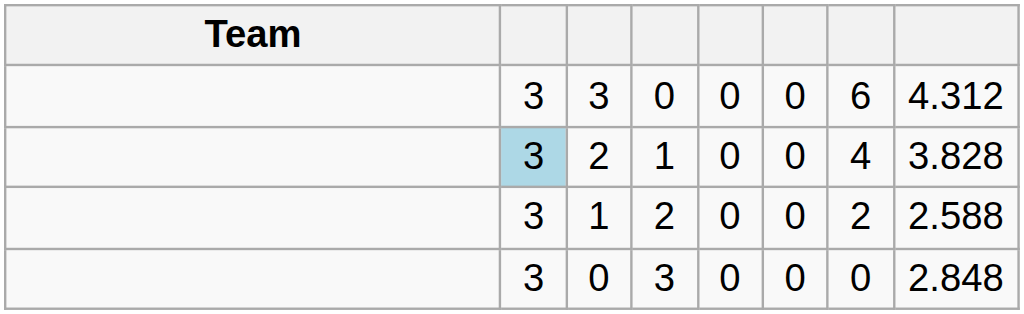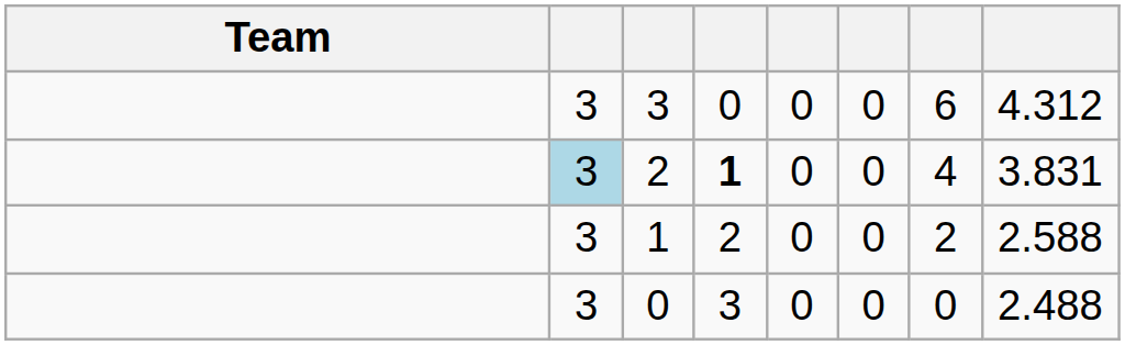 <table class="wikitable" style="text-align:center">
 <tr>
 <th width=200>Team</th>
 <th width=20></th>
 <th width=20></th>
 <th width=20></th>
 <th width=20></th>
 <th width=20></th>
 <th width=20></th>
 <th width=45></th>
 </tr>
 <tr>
 <td align="left"></td>
 <td>3</td>
 <td>3</td>
 <td>0</td>
 <td>0</td>
 <td>0</td>
 <td>6</td>
 <td>4.312</td>
 </tr>
 <tr>
 <td align="left"></td>
 <td style="background: lightblue;">3</td>
 <td>2</td>
-<td>1</td>
+<td><strong>1</strong></td>
 <td>0</td>
 <td>0</td>
 <td>4</td>
-<td>3.828</td>
+<td>3.831</td>
 </tr>
 <tr>
 <td align="left"></td>
 <td>3</td>
 <td>1</td>
 <td>2</td>
 <td>0</td>
 <td>0</td>
 <td>2</td>
 <td>2.588</td>
 </tr>
 <tr>
 <td align="left"></td>
 <td>3</td>
 <td>0</td>
 <td>3</td>
 <td>0</td>
 <td>0</td>
 <td>0</td>
-<td>2.848</td>
+<td>2.488</td>
 </tr>
 </table>
